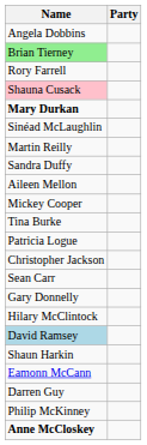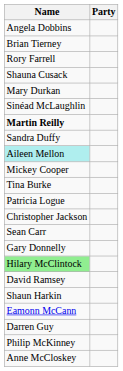 <table class="wikitable">
 <tr>
 <th>Name</th>
 <th colspan=2>Party</th>
 </tr>
 <tr>
 <td>Angela Dobbins</td>
 <td></td>
 </tr>
 <tr>
-<td style="background: lightgreen;">Brian Tierney</td>
+<td>Brian Tierney</td>
 <td></td>
 </tr>
 <tr>
 <td>Rory Farrell</td>
 <td></td>
 </tr>
 <tr>
-<td style="background: pink;">Shauna Cusack</td>
+<td>Shauna Cusack</td>
 <td></td>
 </tr>
 <tr>
-<td><strong>Mary Durkan</strong></td>
+<td>Mary Durkan</td>
 <td></td>
 </tr>
 <tr>
 <td>Sinéad McLaughlin</td>
 <td></td>
 </tr>
 <tr>
-<td>Martin Reilly</td>
+<td><strong>Martin Reilly</strong></td>
 <td></td>
 </tr>
 <tr>
 <td>Sandra Duffy</td>
 <td></td>
 </tr>
 <tr>
-<td>Aileen Mellon</td>
+<td style="background: paleturquoise;">Aileen Mellon</td>
 <td></td>
 </tr>
 <tr>
 <td>Mickey Cooper</td>
 <td></td>
 </tr>
 <tr>
 <td>Tina Burke</td>
 <td></td>
 </tr>
 <tr>
 <td>Patricia Logue</td>
 <td></td>
 </tr>
 <tr>
 <td>Christopher Jackson</td>
 <td></td>
 </tr>
 <tr>
 <td>Sean Carr</td>
 <td></td>
 </tr>
 <tr>
 <td>Gary Donnelly</td>
 <td></td>
 </tr>
 <tr>
-<td>Hilary McClintock</td>
+<td style="background: lightgreen;">Hilary McClintock</td>
 <td></td>
 </tr>
 <tr>
-<td style="background: lightblue;">David Ramsey</td>
+<td>David Ramsey</td>
 <td></td>
 </tr>
 <tr>
 <td>Shaun Harkin</td>
 <td></td>
 </tr>
 <tr>
 <td><a href='#'>Eamonn McCann</a></td>
 <td></td>
 </tr>
 <tr>
 <td>Darren Guy</td>
 <td></td>
 </tr>
 <tr>
 <td>Philip McKinney</td>
 <td></td>
 </tr>
 <tr>
-<td><strong>Anne McCloskey</strong></td>
+<td>Anne McCloskey</td>
 <td></td>
 </tr>
 </table>
